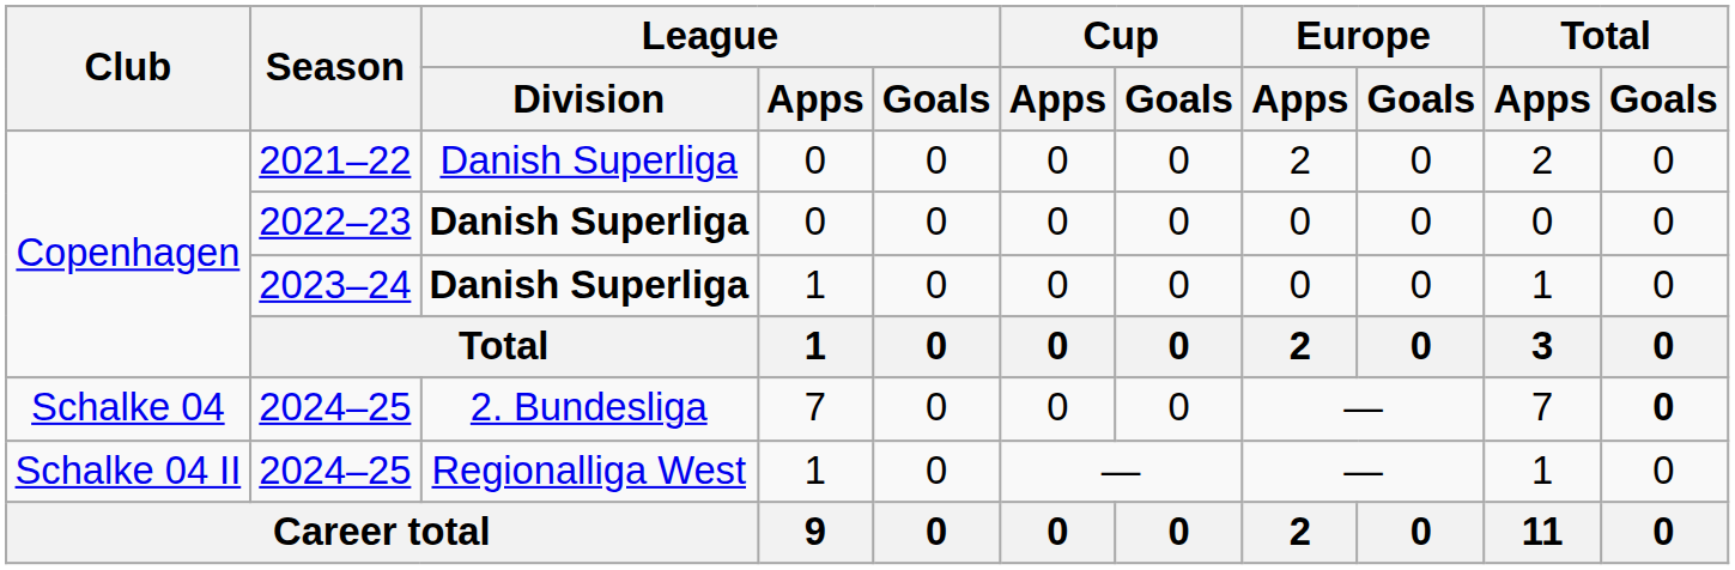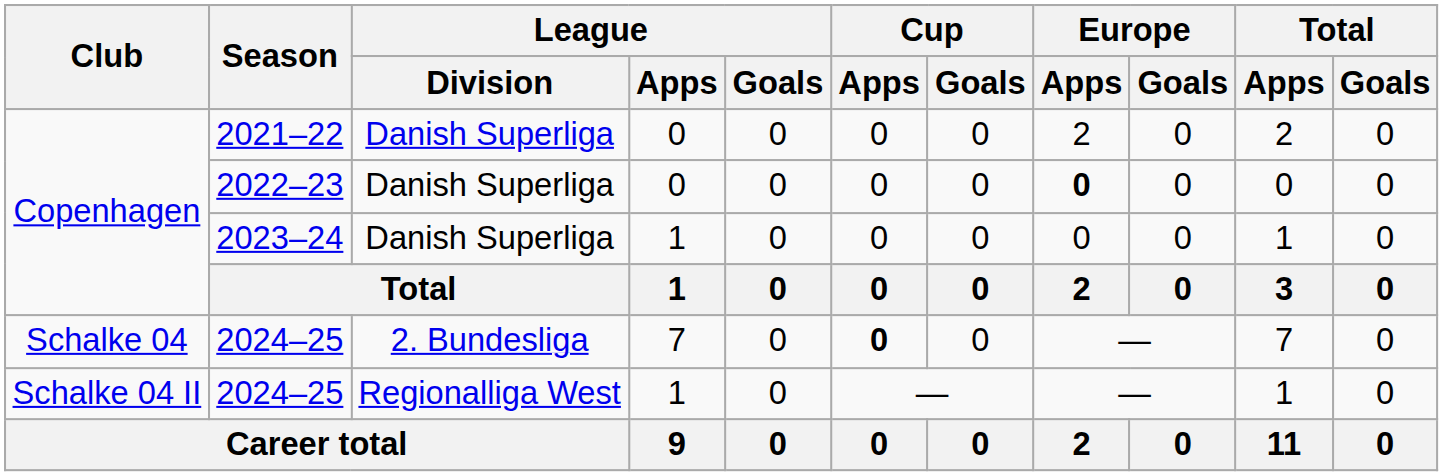 <table class=wikitable style=text-align:center>
 <tr>
 <th rowspan="2">Club</th>
 <th rowspan="2">Season</th>
 <th colspan="3">League</th>
 <th colspan="2">Cup</th>
 <th colspan="2">Europe</th>
 <th colspan="2">Total</th>
 </tr>
 <tr>
 <th>Division</th>
 <th>Apps</th>
 <th>Goals</th>
 <th>Apps</th>
 <th>Goals</th>
 <th>Apps</th>
 <th>Goals</th>
 <th>Apps</th>
 <th>Goals</th>
 </tr>
 <tr>
 <td rowspan="4"><a href='#'>Copenhagen</a></td>
 <td><a href='#'>2021–22</a></td>
 <td><a href='#'>Danish Superliga</a></td>
 <td>0</td>
 <td>0</td>
 <td>0</td>
 <td>0</td>
 <td>2</td>
 <td>0</td>
 <td>2</td>
 <td>0</td>
 </tr>
 <tr>
 <td><a href='#'>2022–23</a></td>
-<td><strong>Danish Superliga</strong></td>
+<td>Danish Superliga</td>
 <td>0</td>
 <td>0</td>
 <td>0</td>
 <td>0</td>
-<td>0</td>
+<td><strong>0</strong></td>
 <td>0</td>
 <td>0</td>
 <td>0</td>
 </tr>
 <tr>
 <td><a href='#'>2023–24</a></td>
-<td><strong>Danish Superliga</strong></td>
+<td>Danish Superliga</td>
 <td>1</td>
 <td>0</td>
 <td>0</td>
 <td>0</td>
 <td>0</td>
 <td>0</td>
 <td>1</td>
 <td>0</td>
 </tr>
 <tr>
 <th colspan="2">Total</th>
 <th>1</th>
 <th>0</th>
 <th>0</th>
 <th>0</th>
 <th>2</th>
 <th>0</th>
 <th>3</th>
 <th>0</th>
 </tr>
 <tr>
 <td><a href='#'>Schalke 04</a></td>
 <td><a href='#'>2024–25</a></td>
 <td><a href='#'>2. Bundesliga</a></td>
 <td>7</td>
 <td>0</td>
-<td>0</td>
+<td><strong>0</strong></td>
 <td>0</td>
 <td colspan="2">—</td>
 <td>7</td>
-<td><strong>0</strong></td>
+<td>0</td>
 </tr>
 <tr>
 <td><a href='#'>Schalke 04 II</a></td>
 <td><a href='#'>2024–25</a></td>
 <td><a href='#'>Regionalliga West</a></td>
 <td>1</td>
 <td>0</td>
 <td colspan="2">—</td>
 <td colspan="2">—</td>
 <td>1</td>
 <td>0</td>
 </tr>
 <tr>
 <th colspan="3">Career total</th>
 <th>9</th>
 <th>0</th>
 <th>0</th>
 <th>0</th>
 <th>2</th>
 <th>0</th>
 <th>11</th>
 <th>0</th>
 </tr>
 </table>
